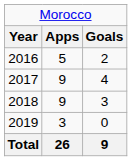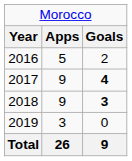 <table class="wikitable" style="text-align:center">
 <tr>
 <td colspan="3"><a href='#'>Morocco</a></td>
 </tr>
 <tr>
 <th>Year</th>
 <th>Apps</th>
 <th>Goals</th>
 </tr>
 <tr>
 <td>2016</td>
 <td>5</td>
 <td>2</td>
 </tr>
 <tr>
 <td>2017</td>
 <td>9</td>
-<td>4</td>
+<td><strong>4</strong></td>
 </tr>
 <tr>
 <td>2018</td>
 <td>9</td>
-<td>3</td>
+<td><strong>3</strong></td>
 </tr>
 <tr>
 <td>2019</td>
 <td>3</td>
 <td>0</td>
 </tr>
 <tr>
 <th>Total</th>
 <th>26</th>
 <th>9</th>
 </tr>
 </table>
